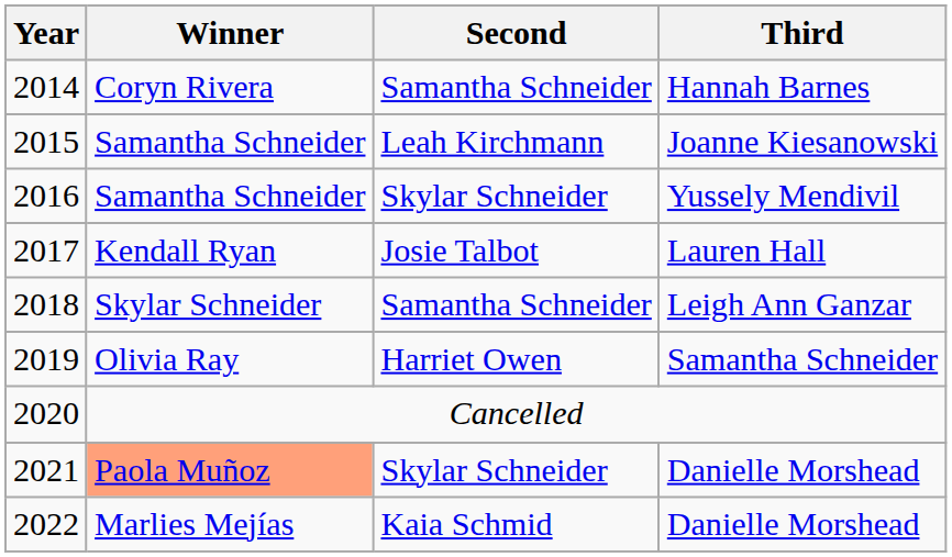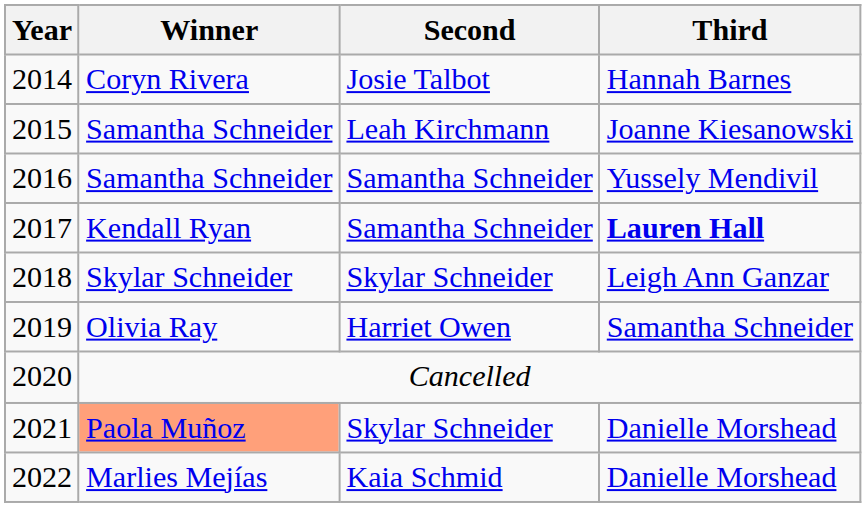 <table class="wikitable sortable" style="font-size:95%">
 <tr>
 <th>Year</th>
 <th>Winner</th>
 <th>Second</th>
 <th>Third</th>
 </tr>
 <tr>
 <td>2014</td>
 <td> <a href='#'>Coryn Rivera</a></td>
-<td> <a href='#'>Samantha Schneider</a></td>
+<td> <a href='#'>Josie Talbot</a></td>
 <td> <a href='#'>Hannah Barnes</a></td>
 </tr>
 <tr>
 <td>2015</td>
 <td> <a href='#'>Samantha Schneider</a></td>
 <td> <a href='#'>Leah Kirchmann</a></td>
 <td> <a href='#'>Joanne Kiesanowski</a></td>
 </tr>
 <tr>
 <td>2016</td>
 <td> <a href='#'>Samantha Schneider</a></td>
-<td> <a href='#'>Skylar Schneider</a></td>
+<td> <a href='#'>Samantha Schneider</a></td>
 <td> <a href='#'>Yussely Mendivil</a></td>
 </tr>
 <tr>
 <td>2017</td>
 <td> <a href='#'>Kendall Ryan</a></td>
-<td> <a href='#'>Josie Talbot</a></td>
-<td> <a href='#'>Lauren Hall</a></td>
+<td> <a href='#'>Samantha Schneider</a></td>
+<td><strong> <a href='#'>Lauren Hall</a></strong></td>
 </tr>
 <tr>
 <td>2018</td>
 <td> <a href='#'>Skylar Schneider</a></td>
-<td> <a href='#'>Samantha Schneider</a></td>
+<td> <a href='#'>Skylar Schneider</a></td>
 <td> <a href='#'>Leigh Ann Ganzar</a></td>
 </tr>
 <tr>
 <td>2019</td>
 <td> <a href='#'>Olivia Ray</a></td>
 <td> <a href='#'>Harriet Owen</a></td>
 <td> <a href='#'>Samantha Schneider</a></td>
 </tr>
 <tr>
 <td>2020</td>
 <td colspan=3; align=center><em>Cancelled</em></td>
 </tr>
 <tr>
 <td>2021</td>
 <td style="background: lightsalmon;"> <a href='#'>Paola Muñoz</a></td>
 <td> <a href='#'>Skylar Schneider</a></td>
 <td> <a href='#'>Danielle Morshead</a></td>
 </tr>
 <tr>
 <td>2022</td>
 <td> <a href='#'>Marlies Mejías</a></td>
 <td> <a href='#'>Kaia Schmid</a></td>
 <td> <a href='#'>Danielle Morshead</a></td>
 </tr>
 </table>
